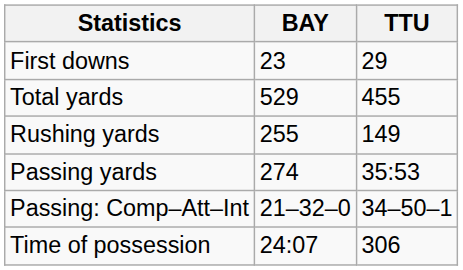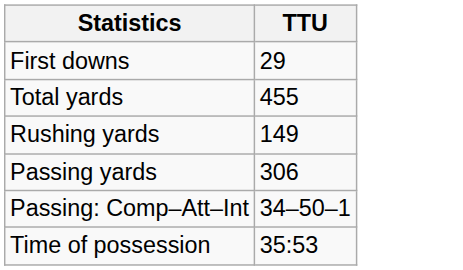 <table class="wikitable" style="float: left;">
 <tr>
 <th>Statistics</th>
-<th>BAY</th>
 <th>TTU</th>
 </tr>
 <tr>
 <td>First downs</td>
-<td>23</td>
 <td>29</td>
 </tr>
 <tr>
 <td>Total yards</td>
-<td>529</td>
 <td>455</td>
 </tr>
 <tr>
 <td>Rushing yards</td>
-<td>255</td>
 <td>149</td>
 </tr>
 <tr>
 <td>Passing yards</td>
-<td>274</td>
-<td>35:53</td>
+<td>306</td>
 </tr>
 <tr>
 <td>Passing: Comp–Att–Int</td>
-<td>21–32–0</td>
 <td>34–50–1</td>
 </tr>
 <tr>
 <td>Time of possession</td>
-<td>24:07</td>
-<td>306</td>
+<td>35:53</td>
 </tr>
 </table>
